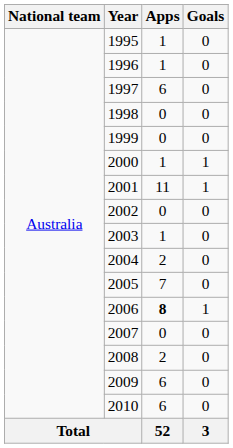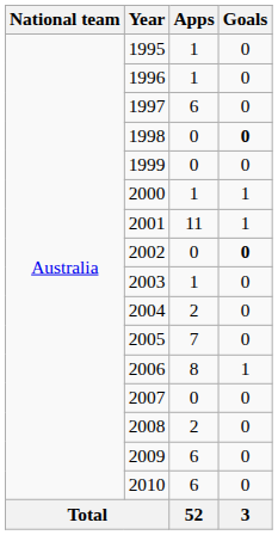 <table class="wikitable" style="text-align:center">
 <tr>
 <th>National team</th>
 <th>Year</th>
 <th>Apps</th>
 <th>Goals</th>
 </tr>
 <tr>
 <td rowspan="16"><a href='#'>Australia</a></td>
 <td>1995</td>
 <td>1</td>
 <td>0</td>
 </tr>
 <tr>
 <td>1996</td>
 <td>1</td>
 <td>0</td>
 </tr>
 <tr>
 <td>1997</td>
 <td>6</td>
 <td>0</td>
 </tr>
 <tr>
 <td>1998</td>
 <td>0</td>
-<td>0</td>
+<td><strong>0</strong></td>
 </tr>
 <tr>
 <td>1999</td>
 <td>0</td>
 <td>0</td>
 </tr>
 <tr>
 <td>2000</td>
 <td>1</td>
 <td>1</td>
 </tr>
 <tr>
 <td>2001</td>
 <td>11</td>
 <td>1</td>
 </tr>
 <tr>
 <td>2002</td>
 <td>0</td>
-<td>0</td>
+<td><strong>0</strong></td>
 </tr>
 <tr>
 <td>2003</td>
 <td>1</td>
 <td>0</td>
 </tr>
 <tr>
 <td>2004</td>
 <td>2</td>
 <td>0</td>
 </tr>
 <tr>
 <td>2005</td>
 <td>7</td>
 <td>0</td>
 </tr>
 <tr>
 <td>2006</td>
-<td><strong>8</strong></td>
+<td>8</td>
 <td>1</td>
 </tr>
 <tr>
 <td>2007</td>
 <td>0</td>
 <td>0</td>
 </tr>
 <tr>
 <td>2008</td>
 <td>2</td>
 <td>0</td>
 </tr>
 <tr>
 <td>2009</td>
 <td>6</td>
 <td>0</td>
 </tr>
 <tr>
 <td>2010</td>
 <td>6</td>
 <td>0</td>
 </tr>
 <tr>
 <th colspan="2">Total</th>
 <th>52</th>
 <th>3</th>
 </tr>
 </table>
